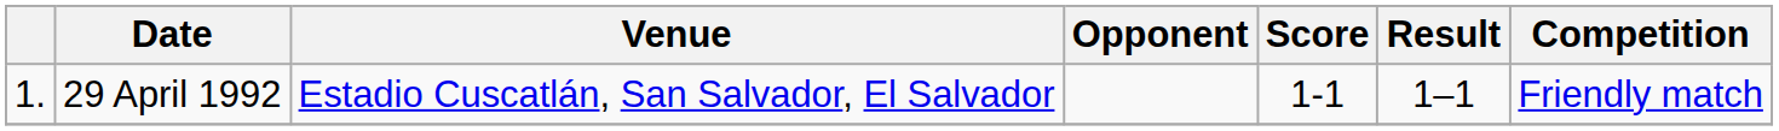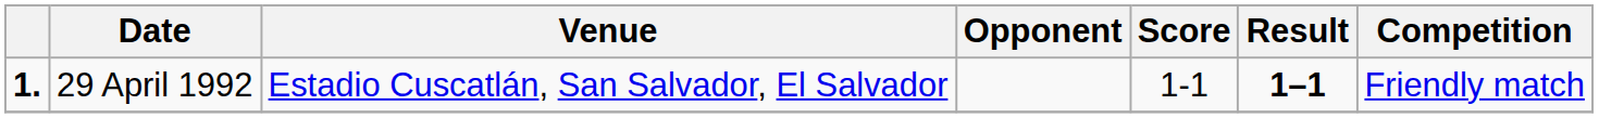 <table class="wikitable">
 <tr>
 <th></th>
 <th>Date</th>
 <th>Venue</th>
 <th>Opponent</th>
 <th>Score</th>
 <th>Result</th>
 <th>Competition</th>
 </tr>
 <tr>
-<td align="center">1.</td>
+<td align="center"><strong>1.</strong></td>
 <td>29 April 1992</td>
 <td><a href='#'>Estadio Cuscatlán</a>, <a href='#'>San Salvador</a>, <a href='#'>El Salvador</a></td>
 <td></td>
 <td align="center">1-1</td>
-<td align="center">1–1</td>
+<td align="center"><strong>1–1</strong></td>
 <td><a href='#'>Friendly match</a></td>
 </tr>
 <tr>
 </tr>
 </table>
